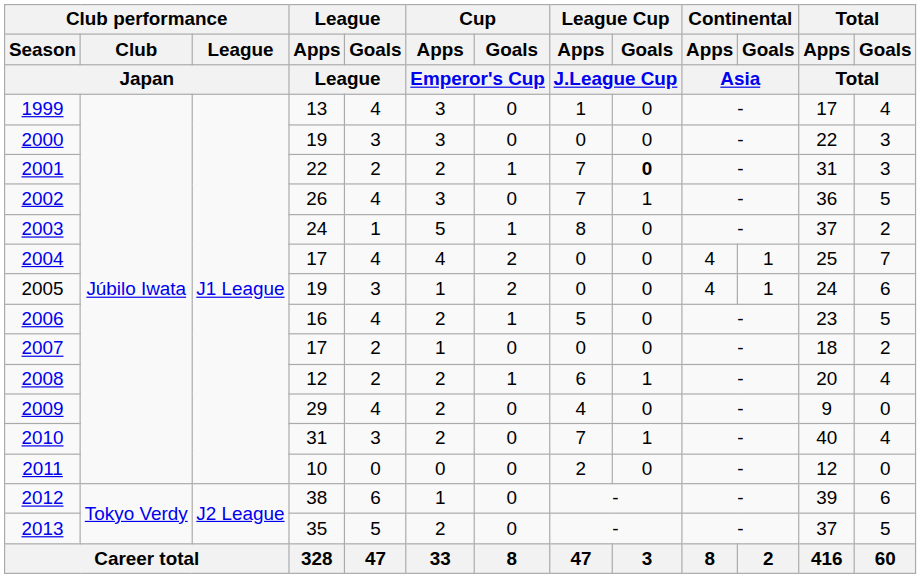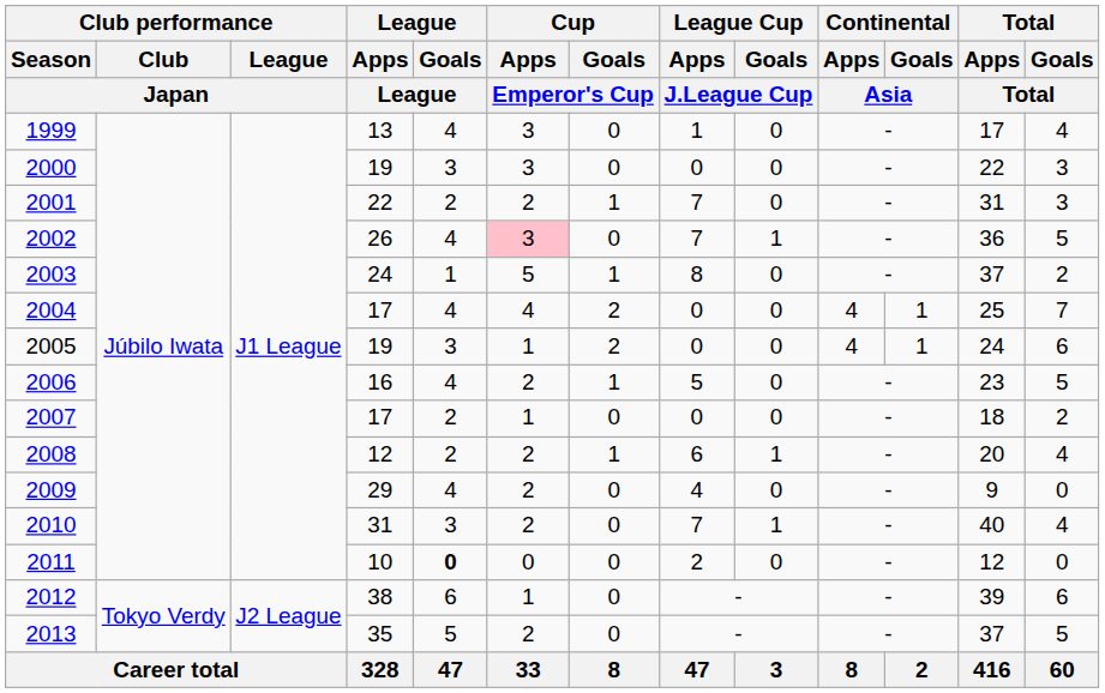 <table class="wikitable" style="text-align:center">
 <tr>
 <th colspan=3>Club performance</th>
 <th colspan=2>League</th>
 <th colspan=2>Cup</th>
 <th colspan=2>League Cup</th>
 <th colspan=2>Continental</th>
 <th colspan=2>Total</th>
 </tr>
 <tr>
 <th>Season</th>
 <th>Club</th>
 <th>League</th>
 <th>Apps</th>
 <th>Goals</th>
 <th>Apps</th>
 <th>Goals</th>
 <th>Apps</th>
 <th>Goals</th>
 <th>Apps</th>
 <th>Goals</th>
 <th>Apps</th>
 <th>Goals</th>
 </tr>
 <tr>
 <th colspan=3>Japan</th>
 <th colspan=2>League</th>
 <th colspan=2><a href='#'>Emperor's Cup</a></th>
 <th colspan=2><a href='#'>J.League Cup</a></th>
 <th colspan=2><a href='#'>Asia</a></th>
 <th colspan=2>Total</th>
 </tr>
 <tr>
 <td><a href='#'>1999</a></td>
 <td rowspan="13"><a href='#'>Júbilo Iwata</a></td>
 <td rowspan="13"><a href='#'>J1 League</a></td>
 <td>13</td>
 <td>4</td>
 <td>3</td>
 <td>0</td>
 <td>1</td>
 <td>0</td>
 <td colspan="2">-</td>
 <td>17</td>
 <td>4</td>
 </tr>
 <tr>
 <td><a href='#'>2000</a></td>
 <td>19</td>
 <td>3</td>
 <td>3</td>
 <td>0</td>
 <td>0</td>
 <td>0</td>
 <td colspan="2">-</td>
 <td>22</td>
 <td>3</td>
 </tr>
 <tr>
 <td><a href='#'>2001</a></td>
 <td>22</td>
 <td>2</td>
 <td>2</td>
 <td>1</td>
 <td>7</td>
-<td><strong>0</strong></td>
+<td>0</td>
 <td colspan="2">-</td>
 <td>31</td>
 <td>3</td>
 </tr>
 <tr>
 <td><a href='#'>2002</a></td>
 <td>26</td>
 <td>4</td>
-<td>3</td>
+<td style="background: pink;">3</td>
 <td>0</td>
 <td>7</td>
 <td>1</td>
 <td colspan="2">-</td>
 <td>36</td>
 <td>5</td>
 </tr>
 <tr>
 <td><a href='#'>2003</a></td>
 <td>24</td>
 <td>1</td>
 <td>5</td>
 <td>1</td>
 <td>8</td>
 <td>0</td>
 <td colspan="2">-</td>
 <td>37</td>
 <td>2</td>
 </tr>
 <tr>
 <td><a href='#'>2004</a></td>
 <td>17</td>
 <td>4</td>
 <td>4</td>
 <td>2</td>
 <td>0</td>
 <td>0</td>
 <td>4</td>
 <td>1</td>
 <td>25</td>
 <td>7</td>
 </tr>
 <tr>
 <td>2005</td>
 <td>19</td>
 <td>3</td>
 <td>1</td>
 <td>2</td>
 <td>0</td>
 <td>0</td>
 <td>4</td>
 <td>1</td>
 <td>24</td>
 <td>6</td>
 </tr>
 <tr>
 <td><a href='#'>2006</a></td>
 <td>16</td>
 <td>4</td>
 <td>2</td>
 <td>1</td>
 <td>5</td>
 <td>0</td>
 <td colspan="2">-</td>
 <td>23</td>
 <td>5</td>
 </tr>
 <tr>
 <td><a href='#'>2007</a></td>
 <td>17</td>
 <td>2</td>
 <td>1</td>
 <td>0</td>
 <td>0</td>
 <td>0</td>
 <td colspan="2">-</td>
 <td>18</td>
 <td>2</td>
 </tr>
 <tr>
 <td><a href='#'>2008</a></td>
 <td>12</td>
 <td>2</td>
 <td>2</td>
 <td>1</td>
 <td>6</td>
 <td>1</td>
 <td colspan="2">-</td>
 <td>20</td>
 <td>4</td>
 </tr>
 <tr>
 <td><a href='#'>2009</a></td>
 <td>29</td>
 <td>4</td>
 <td>2</td>
 <td>0</td>
 <td>4</td>
 <td>0</td>
 <td colspan="2">-</td>
 <td>9</td>
 <td>0</td>
 </tr>
 <tr>
 <td><a href='#'>2010</a></td>
 <td>31</td>
 <td>3</td>
 <td>2</td>
 <td>0</td>
 <td>7</td>
 <td>1</td>
 <td colspan="2">-</td>
 <td>40</td>
 <td>4</td>
 </tr>
 <tr>
 <td><a href='#'>2011</a></td>
 <td>10</td>
-<td>0</td>
+<td><strong>0</strong></td>
 <td>0</td>
 <td>0</td>
 <td>2</td>
 <td>0</td>
 <td colspan="2">-</td>
 <td>12</td>
 <td>0</td>
 </tr>
 <tr>
 <td><a href='#'>2012</a></td>
 <td rowspan="2"><a href='#'>Tokyo Verdy</a></td>
 <td rowspan="2"><a href='#'>J2 League</a></td>
 <td>38</td>
 <td>6</td>
 <td>1</td>
 <td>0</td>
 <td colspan="2">-</td>
 <td colspan="2">-</td>
 <td>39</td>
 <td>6</td>
 </tr>
 <tr>
 <td><a href='#'>2013</a></td>
 <td>35</td>
 <td>5</td>
 <td>2</td>
 <td>0</td>
 <td colspan="2">-</td>
 <td colspan="2">-</td>
 <td>37</td>
 <td>5</td>
 </tr>
 <tr>
 <th colspan=3>Career total</th>
 <th>328</th>
 <th>47</th>
 <th>33</th>
 <th>8</th>
 <th>47</th>
 <th>3</th>
 <th>8</th>
 <th>2</th>
 <th>416</th>
 <th>60</th>
 </tr>
 </table>
